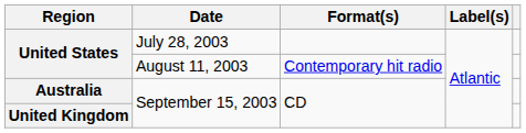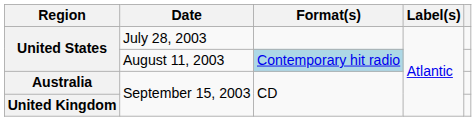 <table class="wikitable plainrowheaders">
 <tr>
 <th scope="col">Region</th>
 <th scope="col">Date</th>
 <th scope="col">Format(s)</th>
 <th scope="col">Label(s)</th>
 <th scope="col"></th>
 </tr>
 <tr>
 <th scope="row" rowspan="2">United States</th>
 <td>July 28, 2003</td>
 <td></td>
 <td rowspan="4"><a href='#'>Atlantic</a></td>
 <td></td>
 </tr>
 <tr>
 <td>August 11, 2003</td>
-<td><a href='#'>Contemporary hit radio</a></td>
+<td style="background: lightblue;"><a href='#'>Contemporary hit radio</a></td>
 <td></td>
 </tr>
 <tr>
 <th scope="row">Australia</th>
 <td rowspan="2">September 15, 2003</td>
 <td rowspan="2">CD</td>
 <td></td>
 </tr>
 <tr>
 <th scope="row">United Kingdom</th>
 <td></td>
 </tr>
 </table>
